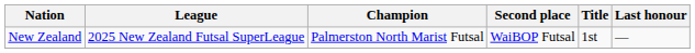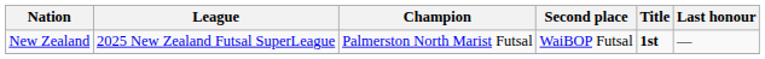 <table class=wikitable style="font-size:14px">
 <tr>
 <th>Nation</th>
 <th>League</th>
 <th>Champion</th>
 <th>Second place</th>
 <th data-sort-type="number">Title</th>
 <th>Last honour</th>
 </tr>
 <tr>
 <td> <a href='#'>New Zealand</a></td>
 <td><a href='#'>2025 New Zealand Futsal SuperLeague</a></td>
 <td><a href='#'>Palmerston North Marist</a> Futsal</td>
 <td><a href='#'>WaiBOP</a> Futsal</td>
-<td>1st</td>
+<td><strong>1st</strong></td>
 <td>—</td>
 </tr>
 <tr>
 </tr>
 </table>
